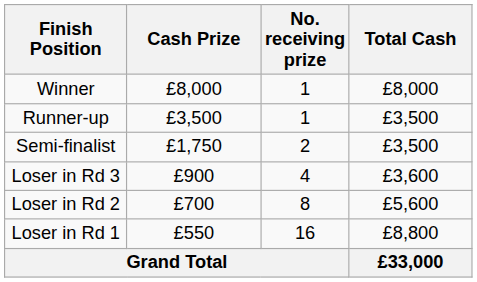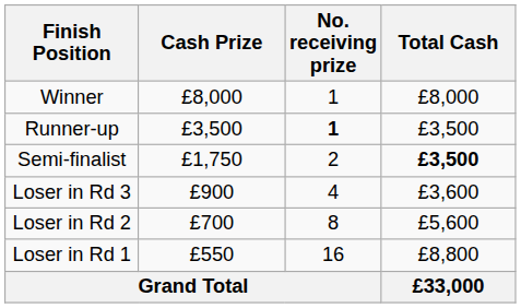 <table class="wikitable" style="text-align:center;">
 <tr>
 <th width=100 abbr="Finish Position">Finish Position</th>
 <th width=110 abbr="Cash Prize">Cash Prize</th>
 <th width=50 abbr="No. receiving prize">No. receiving prize</th>
 <th width=100 abbr="Total Cash">Total Cash</th>
 </tr>
 <tr>
 <td>Winner</td>
 <td>£8,000</td>
 <td>1</td>
 <td>£8,000</td>
 </tr>
 <tr>
 <td>Runner-up</td>
 <td>£3,500</td>
-<td>1</td>
+<td><strong>1</strong></td>
 <td>£3,500</td>
 </tr>
 <tr>
 <td>Semi-finalist</td>
 <td>£1,750</td>
 <td>2</td>
-<td>£3,500</td>
+<td><strong>£3,500</strong></td>
 </tr>
 <tr>
 <td>Loser in Rd 3</td>
 <td>£900</td>
 <td>4</td>
 <td>£3,600</td>
 </tr>
 <tr>
 <td>Loser in Rd 2</td>
 <td>£700</td>
 <td>8</td>
 <td>£5,600</td>
 </tr>
 <tr>
 <td>Loser in Rd 1</td>
 <td>£550</td>
 <td>16</td>
 <td>£8,800</td>
 </tr>
 <tr>
 <th colspan="3">Grand Total</th>
 <th>£33,000</th>
 </tr>
 </table>
